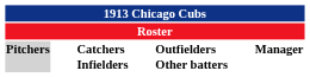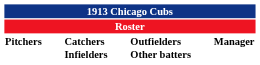 <table class="toccolours" style="font-size: 95%;">
 <tr>
 <th colspan="10" style="background-color: #0e3386; color: white; text-align: center;">1913 Chicago Cubs</th>
 </tr>
 <tr>
 <td colspan="10" style="background-color: #EE1422; color: white; text-align: center;"><strong>Roster</strong></td>
 </tr>
 <tr>
-<td valign="top" style="background: lightgrey;"><strong>Pitchers</strong><br>              </td>
+<td valign="top"><strong>Pitchers</strong><br>              </td>
 <td width="25px"></td>
 <td valign="top"><strong>Catchers</strong><br>    <strong>Infielders</strong>        </td>
 <td width="25px"></td>
 <td valign="top"><strong>Outfielders</strong><br>         <strong>Other batters</strong>   </td>
 <td width="25px"></td>
 <td valign="top"><strong>Manager</strong><br></td>
 </tr>
 </table>
